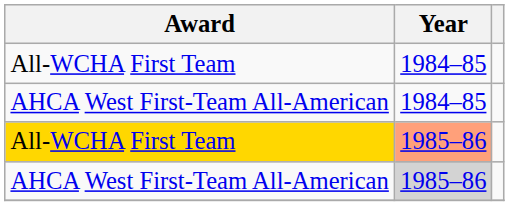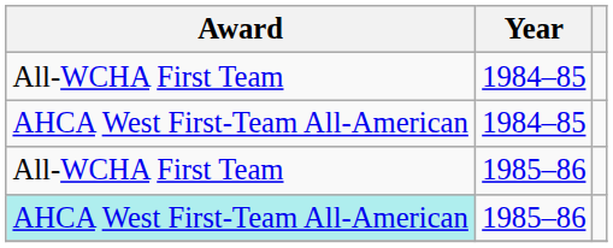 <table class="wikitable">
 <tr>
 <th>Award</th>
 <th>Year</th>
 <th></th>
 </tr>
 <tr>
 <td>All-<a href='#'>WCHA</a> <a href='#'>First Team</a></td>
 <td><a href='#'>1984–85</a></td>
 <td></td>
 </tr>
 <tr>
 <td><a href='#'>AHCA</a> <a href='#'>West First-Team All-American</a></td>
 <td><a href='#'>1984–85</a></td>
 <td></td>
 </tr>
 <tr>
-<td style="background: gold;">All-<a href='#'>WCHA</a> <a href='#'>First Team</a></td>
-<td style="background: lightsalmon;"><a href='#'>1985–86</a></td>
+<td>All-<a href='#'>WCHA</a> <a href='#'>First Team</a></td>
+<td><a href='#'>1985–86</a></td>
 <td></td>
 </tr>
 <tr>
-<td><a href='#'>AHCA</a> <a href='#'>West First-Team All-American</a></td>
-<td style="background: lightgrey;"><a href='#'>1985–86</a></td>
+<td style="background: paleturquoise;"><a href='#'>AHCA</a> <a href='#'>West First-Team All-American</a></td>
+<td><a href='#'>1985–86</a></td>
 <td></td>
 </tr>
 <tr>
 </tr>
 </table>
